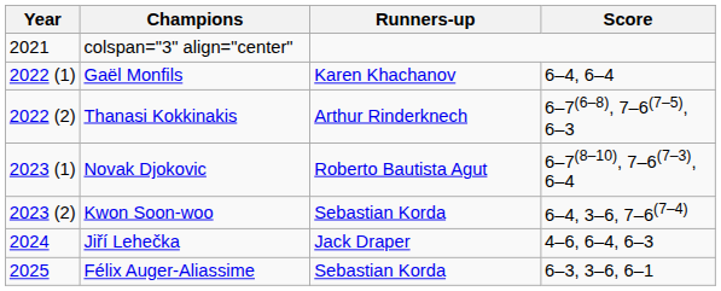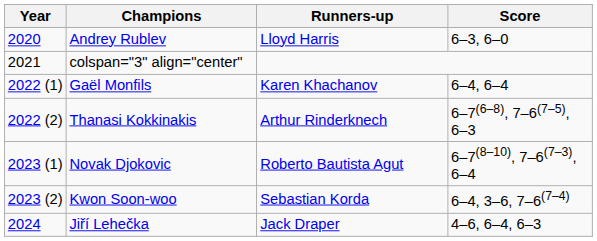 <table class="wikitable">
 <tr>
 <th>Year</th>
 <th style="width:200px">Champions</th>
 <th style="width:200px">Runners-up</th>
 <th style="width:150px" class="unsortable">Score</th>
+</tr>
+<tr>
+<td><a href='#'>2020</a></td>
+<td> <a href='#'>Andrey Rublev</a></td>
+<td> <a href='#'>Lloyd Harris</a></td>
+<td>6–3, 6–0</td>
 </tr>
 <tr>
 <td>2021</td>
 <td>colspan="3" align="center" </td>
 </tr>
 <tr>
 <td><a href='#'>2022</a> (1)</td>
 <td> <a href='#'>Gaël Monfils</a></td>
 <td> <a href='#'>Karen Khachanov</a></td>
 <td>6–4, 6–4</td>
 </tr>
 <tr>
 <td><a href='#'>2022</a> (2)</td>
 <td> <a href='#'>Thanasi Kokkinakis</a></td>
 <td> <a href='#'>Arthur Rinderknech</a></td>
 <td>6–7<sup>(6–8)</sup>, 7–6<sup>(7–5)</sup>, 6–3</td>
 </tr>
 <tr>
 <td><a href='#'>2023</a> (1)</td>
 <td> <a href='#'>Novak Djokovic</a></td>
 <td> <a href='#'>Roberto Bautista Agut</a></td>
 <td>6–7<sup>(8–10)</sup>, 7–6<sup>(7–3)</sup>, 6–4</td>
 </tr>
 <tr>
 <td><a href='#'>2023</a> (2)</td>
 <td> <a href='#'>Kwon Soon-woo</a></td>
 <td> <a href='#'>Sebastian Korda</a></td>
 <td>6–4, 3–6, 7–6<sup>(7–4)</sup></td>
 </tr>
 <tr>
 <td><a href='#'>2024</a></td>
 <td> <a href='#'>Jiří Lehečka</a></td>
 <td> <a href='#'>Jack Draper</a></td>
 <td>4–6, 6–4, 6–3</td>
 </tr>
-<tr>
-<td><a href='#'>2025</a></td>
-<td> <a href='#'>Félix Auger-Aliassime</a></td>
-<td> <a href='#'>Sebastian Korda</a></td>
-<td>6–3, 3–6, 6–1</td>
-</tr>
 </table>
